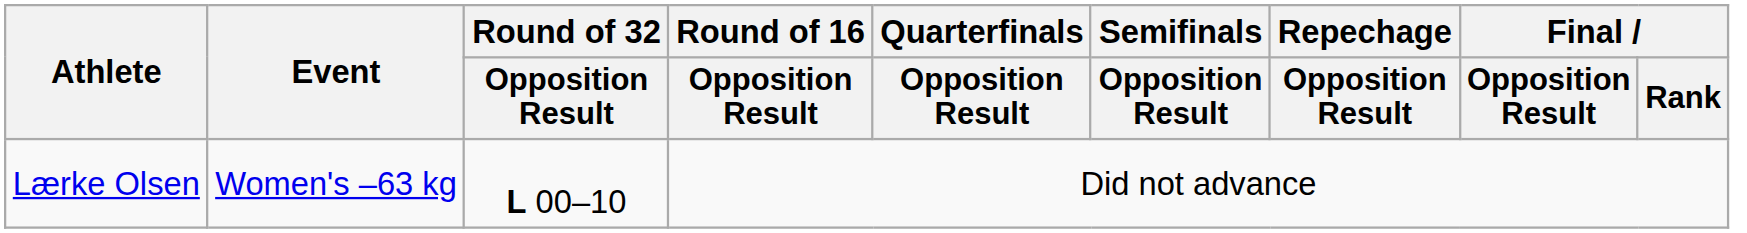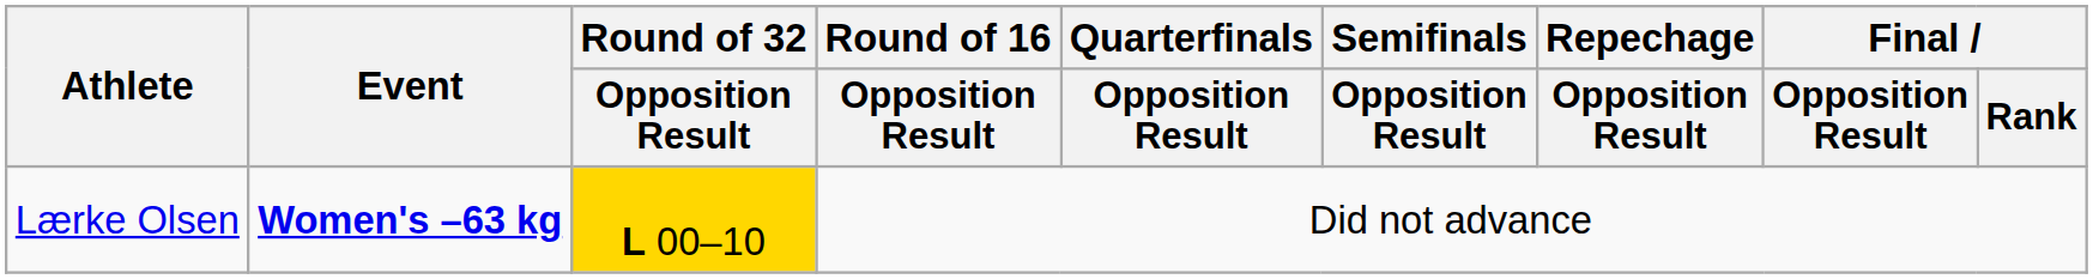 <table class="wikitable" style="font-size:90%">
 <tr>
 <th rowspan="2">Athlete</th>
 <th rowspan="2">Event</th>
 <th>Round of 32</th>
 <th>Round of 16</th>
 <th>Quarterfinals</th>
 <th>Semifinals</th>
 <th>Repechage</th>
 <th colspan=2>Final / </th>
 </tr>
 <tr style="font-size:95%">
 <th>Opposition<br>Result</th>
 <th>Opposition<br>Result</th>
 <th>Opposition<br>Result</th>
 <th>Opposition<br>Result</th>
 <th>Opposition<br>Result</th>
 <th>Opposition<br>Result</th>
 <th>Rank</th>
 </tr>
 <tr align=center>
 <td align=left><a href='#'>Lærke Olsen</a></td>
-<td align=left><a href='#'>Women's –63 kg</a></td>
-<td><br><strong>L</strong> 00–10</td>
+<td align=left><strong><a href='#'>Women's –63 kg</a></strong></td>
+<td style="background: gold;"><br><strong>L</strong> 00–10</td>
 <td colspan=6>Did not advance</td>
 </tr>
 </table>
